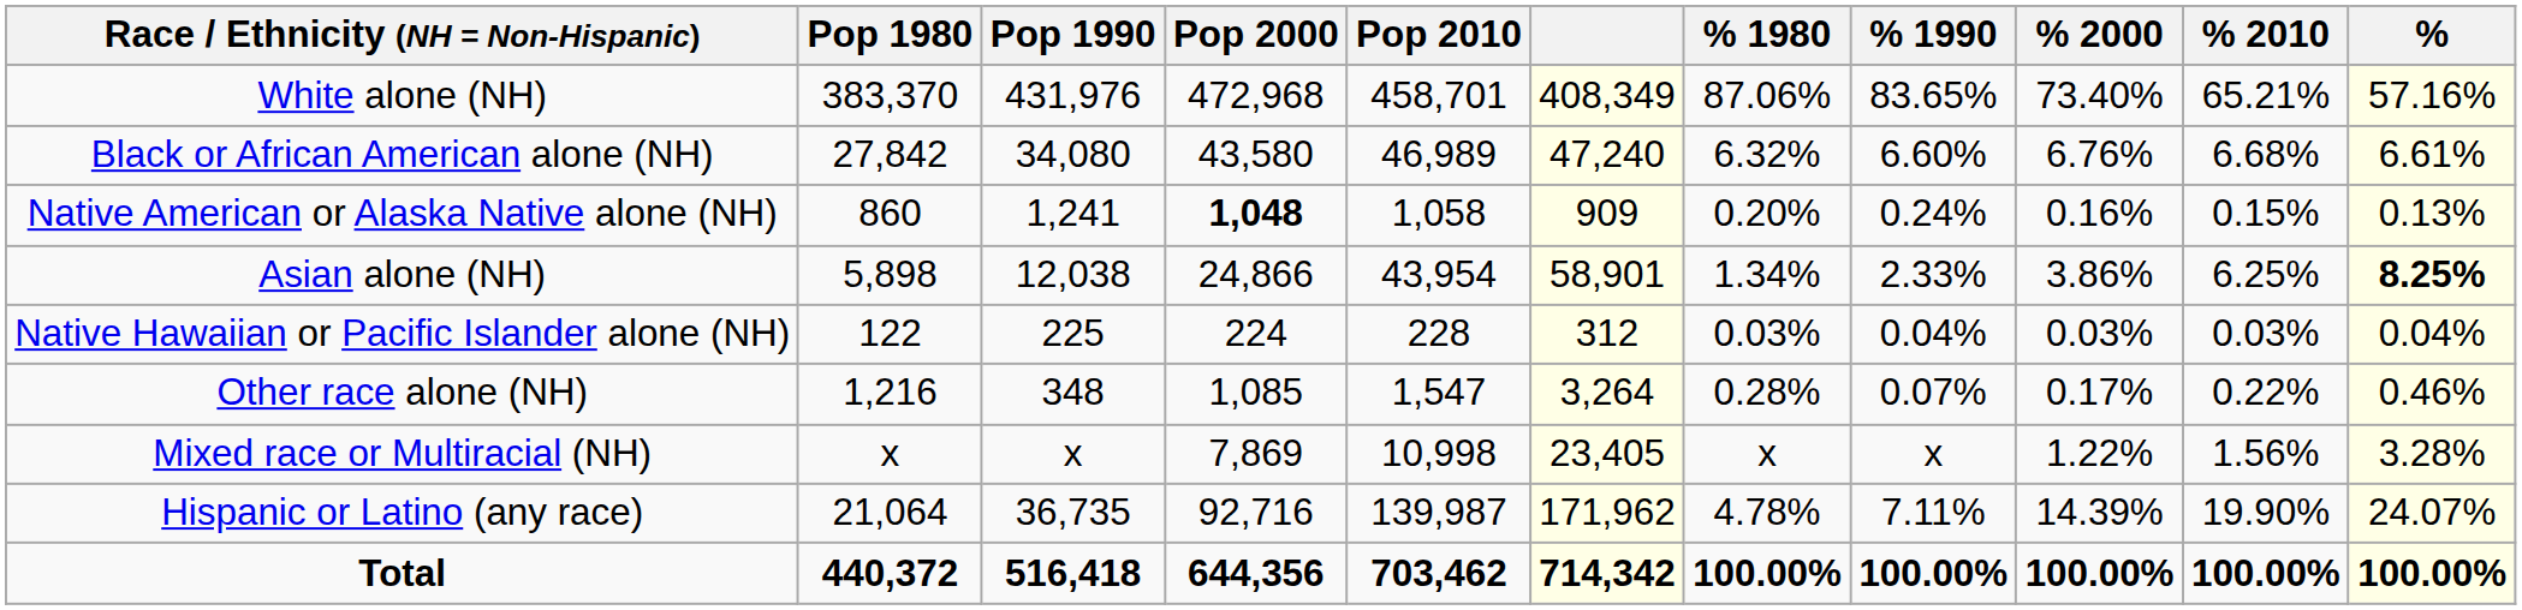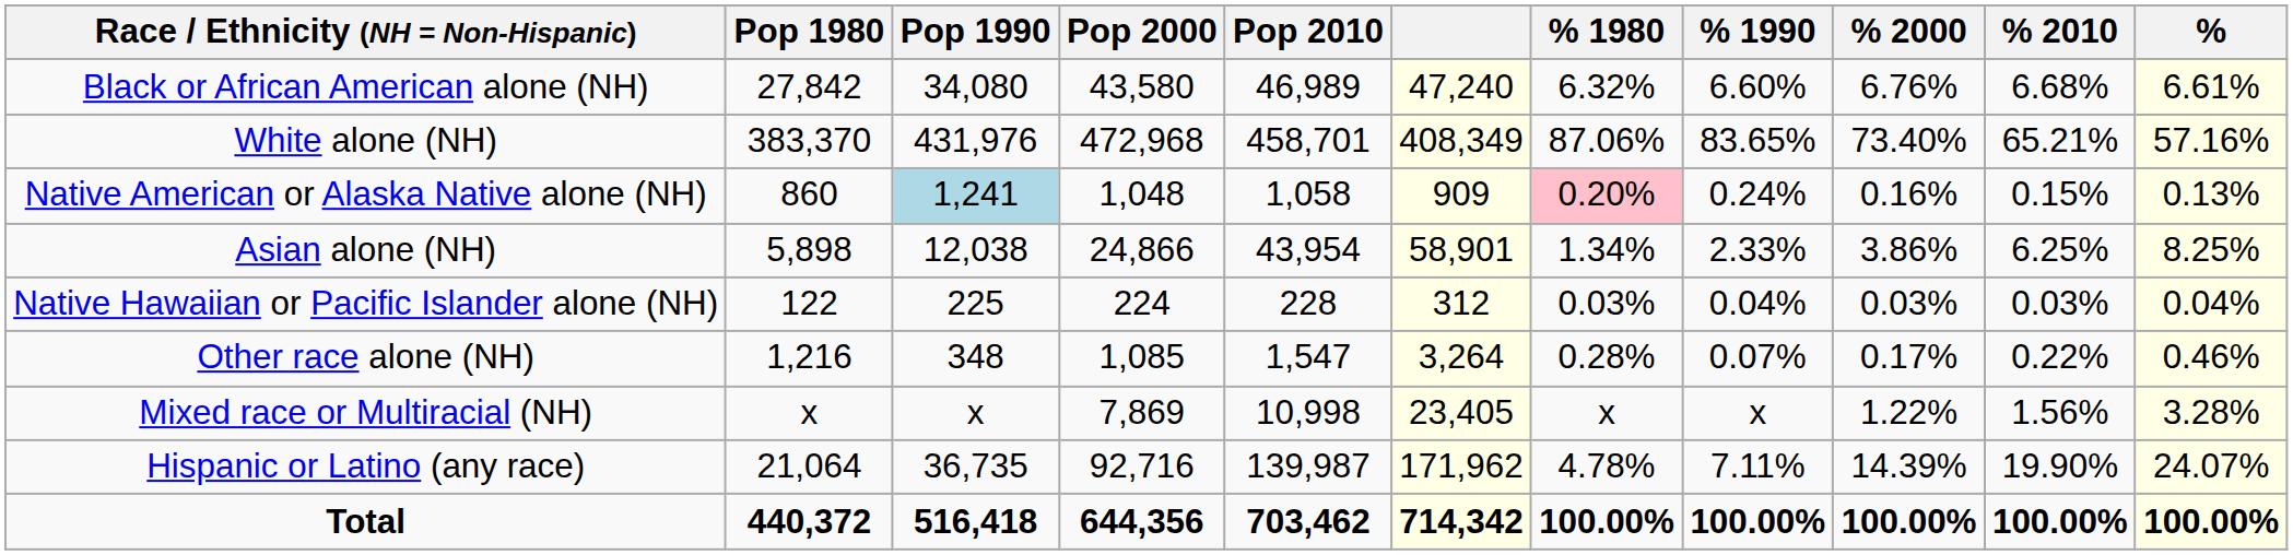 <table class="wikitable" style="text-align:center;">
 <tr>
 <th>Race / Ethnicity <small>(<em>NH = Non-Hispanic</em>)</small></th>
 <th>Pop 1980</th>
 <th>Pop 1990</th>
 <th>Pop 2000</th>
 <th>Pop 2010</th>
 <th></th>
 <th>% 1980</th>
 <th>% 1990</th>
 <th>% 2000</th>
 <th>% 2010</th>
 <th>% </th>
 </tr>
 <tr>
+<td><a href='#'>Black or African American</a> alone (NH)</td>
+<td>27,842</td>
+<td>34,080</td>
+<td>43,580</td>
+<td>46,989</td>
+<td style='background: #ffffe6;'>47,240</td>
+<td>6.32%</td>
+<td>6.60%</td>
+<td>6.76%</td>
+<td>6.68%</td>
+<td style='background: #ffffe6;'>6.61%</td>
+</tr>
+<tr>
 <td><a href='#'>White</a> alone (NH)</td>
 <td>383,370</td>
 <td>431,976</td>
 <td>472,968</td>
 <td>458,701</td>
 <td style='background: #ffffe6;'>408,349</td>
 <td>87.06%</td>
 <td>83.65%</td>
 <td>73.40%</td>
 <td>65.21%</td>
 <td style='background: #ffffe6;'>57.16%</td>
 </tr>
 <tr>
-<td><a href='#'>Black or African American</a> alone (NH)</td>
-<td>27,842</td>
-<td>34,080</td>
-<td>43,580</td>
-<td>46,989</td>
-<td style='background: #ffffe6;'>47,240</td>
-<td>6.32%</td>
-<td>6.60%</td>
-<td>6.76%</td>
-<td>6.68%</td>
-<td style='background: #ffffe6;'>6.61%</td>
-</tr>
-<tr>
 <td><a href='#'>Native American</a> or <a href='#'>Alaska Native</a> alone (NH)</td>
 <td>860 </td>
-<td>1,241</td>
-<td><strong>1,048</strong></td>
+<td style="background: lightblue;">1,241</td>
+<td>1,048</td>
 <td>1,058</td>
 <td style='background: #ffffe6;'>909</td>
-<td>0.20%</td>
+<td style="background: pink;">0.20%</td>
 <td>0.24%</td>
 <td>0.16%</td>
 <td>0.15%</td>
 <td style='background: #ffffe6;'>0.13%</td>
 </tr>
 <tr>
 <td><a href='#'>Asian</a> alone (NH)</td>
 <td>5,898 </td>
 <td>12,038</td>
 <td>24,866</td>
 <td>43,954</td>
 <td style='background: #ffffe6;'>58,901</td>
 <td>1.34%</td>
 <td>2.33%</td>
 <td>3.86%</td>
 <td>6.25%</td>
-<td style='background: #ffffe6;'><strong>8.25%</strong></td>
+<td style='background: #ffffe6;'>8.25%</td>
 </tr>
 <tr>
 <td><a href='#'>Native Hawaiian</a> or <a href='#'>Pacific Islander</a> alone (NH)</td>
 <td>122 </td>
 <td>225</td>
 <td>224</td>
 <td>228</td>
 <td style='background: #ffffe6;'>312</td>
 <td>0.03%</td>
 <td>0.04%</td>
 <td>0.03%</td>
 <td>0.03%</td>
 <td style='background: #ffffe6;'>0.04%</td>
 </tr>
 <tr>
 <td><a href='#'>Other race</a> alone (NH)</td>
 <td>1,216 </td>
 <td>348</td>
 <td>1,085</td>
 <td>1,547</td>
 <td style='background: #ffffe6;'>3,264</td>
 <td>0.28%</td>
 <td>0.07%</td>
 <td>0.17%</td>
 <td>0.22%</td>
 <td style='background: #ffffe6;'>0.46%</td>
 </tr>
 <tr>
 <td><a href='#'>Mixed race or Multiracial</a> (NH)</td>
 <td>x </td>
 <td>x </td>
 <td>7,869</td>
 <td>10,998</td>
 <td style='background: #ffffe6;'>23,405</td>
 <td>x</td>
 <td>x</td>
 <td>1.22%</td>
 <td>1.56%</td>
 <td style='background: #ffffe6;'>3.28%</td>
 </tr>
 <tr>
 <td><a href='#'>Hispanic or Latino</a> (any race)</td>
 <td>21,064 </td>
 <td>36,735</td>
 <td>92,716</td>
 <td>139,987</td>
 <td style='background: #ffffe6;'>171,962</td>
 <td>4.78%</td>
 <td>7.11%</td>
 <td>14.39%</td>
 <td>19.90%</td>
 <td style='background: #ffffe6;'>24.07%</td>
 </tr>
 <tr>
 <td><strong>Total</strong></td>
 <td><strong>440,372</strong></td>
 <td><strong>516,418</strong></td>
 <td><strong>644,356</strong></td>
 <td><strong>703,462</strong></td>
 <td style='background: #ffffe6;'><strong>714,342</strong></td>
 <td><strong>100.00%</strong></td>
 <td><strong>100.00%</strong></td>
 <td><strong>100.00%</strong></td>
 <td><strong>100.00%</strong></td>
 <td style='background: #ffffe6;'><strong>100.00%</strong></td>
 </tr>
 </table>
